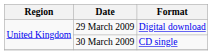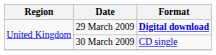 <table class="wikitable">
 <tr>
 <th>Region</th>
 <th>Date</th>
 <th>Format</th>
 </tr>
 <tr>
 <td rowspan="2"><a href='#'>United Kingdom</a></td>
 <td>29 March 2009</td>
-<td><a href='#'>Digital download</a></td>
+<td><strong><a href='#'>Digital download</a></strong></td>
 </tr>
 <tr>
 <td>30 March 2009</td>
 <td><a href='#'>CD single</a></td>
 </tr>
 <tr>
 </tr>
 </table>
